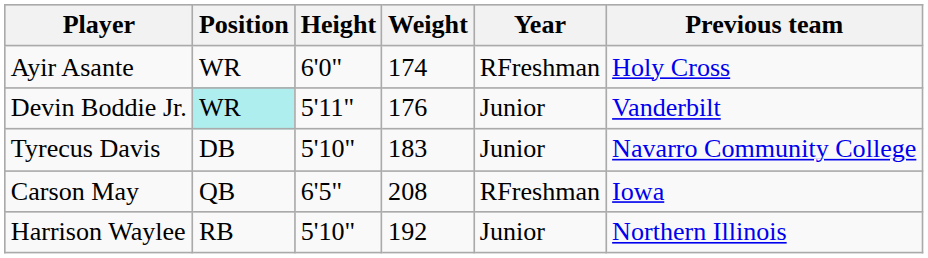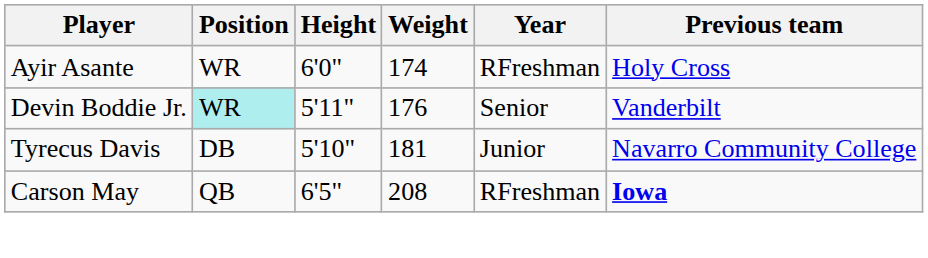 <table class="wikitable sortable">
 <tr>
 <th style="text-align:center; ">Player</th>
 <th style="text-align:center; ">Position</th>
 <th style="text-align:center; ">Height</th>
 <th style="text-align:center; ">Weight</th>
 <th style="text-align:center; ">Year</th>
 <th style="text-align:center; ">Previous team</th>
 </tr>
 <tr>
 <td>Ayir Asante</td>
 <td>WR</td>
 <td>6'0"</td>
 <td>174</td>
 <td>RFreshman</td>
 <td><a href='#'>Holy Cross</a></td>
 </tr>
 <tr>
 <td>Devin Boddie Jr.</td>
 <td style="background: paleturquoise;">WR</td>
 <td>5'11"</td>
 <td>176</td>
-<td>Junior</td>
+<td>Senior</td>
 <td><a href='#'>Vanderbilt</a></td>
 </tr>
 <tr>
 <td>Tyrecus Davis</td>
 <td>DB</td>
 <td>5'10"</td>
-<td>183</td>
+<td>181</td>
 <td>Junior</td>
 <td><a href='#'>Navarro Community College</a></td>
 </tr>
 <tr>
 <td>Carson May</td>
 <td>QB</td>
 <td>6'5"</td>
 <td>208</td>
 <td>RFreshman</td>
-<td><a href='#'>Iowa</a></td>
-</tr>
-<tr>
-<td>Harrison Waylee</td>
-<td>RB</td>
-<td>5'10"</td>
-<td>192</td>
-<td>Junior</td>
-<td><a href='#'>Northern Illinois</a></td>
+<td><strong><a href='#'>Iowa</a></strong></td>
 </tr>
 </table>
